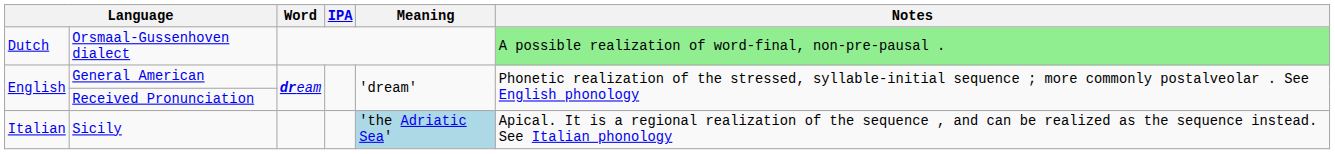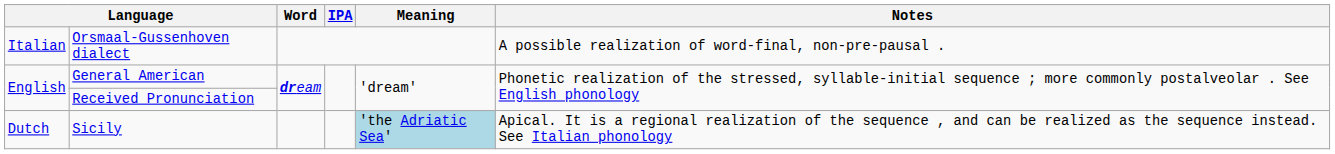 <table class="wikitable">
 <tr>
 <th colspan="2">Language</th>
 <th>Word</th>
 <th><a href='#'>IPA</a></th>
 <th>Meaning</th>
 <th>Notes</th>
 </tr>
 <tr>
-<td><a href='#'>Dutch</a></td>
+<td><a href='#'>Italian</a></td>
 <td><a href='#'>Orsmaal-Gussenhoven dialect</a></td>
 <td colspan="3" align="center"></td>
-<td style="background: lightgreen;">A possible realization of word-final, non-pre-pausal .</td>
+<td>A possible realization of word-final, non-pre-pausal .</td>
 </tr>
 <tr>
 <td rowspan=2><a href='#'>English</a></td>
 <td><a href='#'>General American</a></td>
 <td rowspan=2><em><a href='#'><strong>dr</strong>eam</a></em></td>
 <td rowspan=2></td>
 <td rowspan=2>'dream'</td>
 <td rowspan=2>Phonetic realization of the stressed, syllable-initial sequence ; more commonly postalveolar . See <a href='#'>English phonology</a></td>
 </tr>
 <tr>
 <td><a href='#'>Received Pronunciation</a></td>
 </tr>
 <tr>
-<td><a href='#'>Italian</a></td>
+<td><a href='#'>Dutch</a></td>
 <td><a href='#'>Sicily</a></td>
 <td></td>
 <td></td>
 <td style="background: lightblue;">'the <a href='#'>Adriatic Sea</a>'</td>
 <td>Apical. It is a regional realization of the sequence , and can be realized as the sequence  instead. See <a href='#'>Italian phonology</a></td>
 </tr>
 </table>
